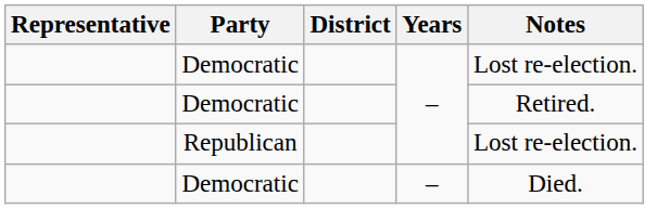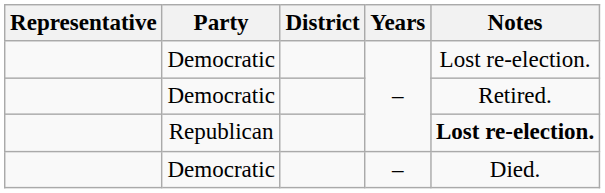 <table class="wikitable sortable" style="text-align:center">
 <tr valign=bottom>
 <th>Representative</th>
 <th>Party</th>
 <th>District</th>
 <th>Years</th>
 <th>Notes</th>
 </tr>
 <tr>
 <td align=left></td>
 <td>Democratic</td>
 <td></td>
 <td rowspan="3" nowrap=""> –<br></td>
 <td>Lost re-election.</td>
 </tr>
 <tr>
 <td align=left></td>
 <td>Democratic</td>
 <td></td>
 <td>Retired.</td>
 </tr>
 <tr>
 <td align=left></td>
 <td>Republican</td>
 <td></td>
-<td>Lost re-election.</td>
+<td><strong>Lost re-election.</strong></td>
 </tr>
 <tr>
 <td align=left></td>
 <td>Democratic</td>
 <td></td>
 <td nowrap> –<br></td>
 <td>Died.</td>
 </tr>
 </table>
